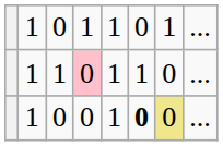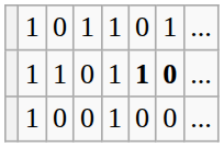 <table class="wikitable" style="text-align:left;">
 <tr>
 <th></th>
 <td>1</td>
 <td>0</td>
 <td>1</td>
 <td>1</td>
 <td>0</td>
 <td>1</td>
 <td>...</td>
 </tr>
 <tr>
 <th></th>
 <td>1</td>
 <td>1</td>
-<td style="background: pink;">0</td>
+<td>0</td>
 <td>1</td>
-<td>1</td>
-<td>0</td>
+<td><strong>1</strong></td>
+<td><strong>0</strong></td>
 <td>...</td>
 </tr>
 <tr>
 <th></th>
 <td>1</td>
 <td>0</td>
 <td>0</td>
 <td>1</td>
-<td><strong>0</strong></td>
-<td style="background: khaki;">0</td>
+<td>0</td>
+<td>0</td>
 <td>...</td>
 </tr>
 </table>
